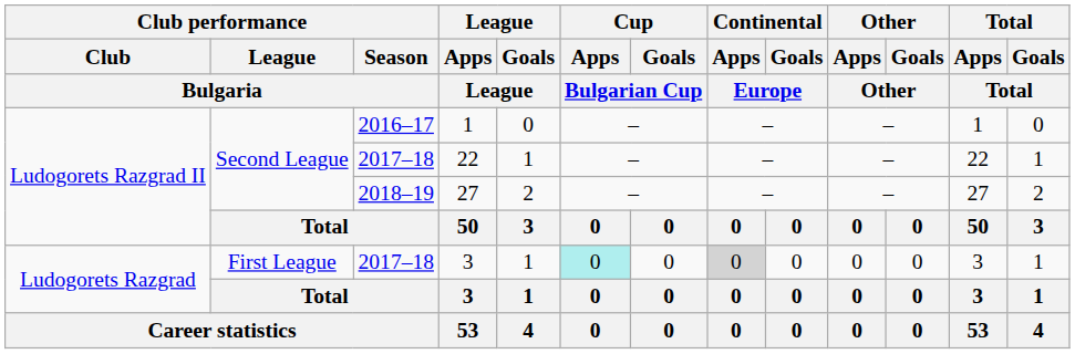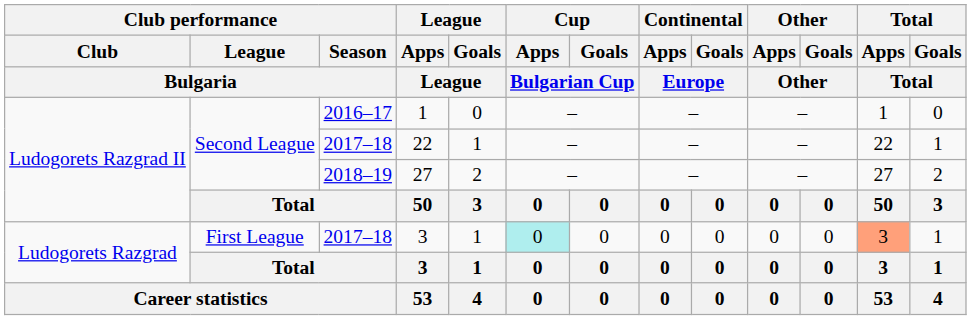 <table class="wikitable" style="text-align: center">
 <tr>
 <th Colspan="3">Club performance</th>
 <th Colspan="2">League</th>
 <th Colspan="2">Cup</th>
 <th Colspan="2">Continental</th>
 <th Colspan="2">Other</th>
 <th Colspan="3">Total</th>
 </tr>
 <tr>
 <th>Club</th>
 <th>League</th>
 <th>Season</th>
 <th>Apps</th>
 <th>Goals</th>
 <th>Apps</th>
 <th>Goals</th>
 <th>Apps</th>
 <th>Goals</th>
 <th>Apps</th>
 <th>Goals</th>
 <th>Apps</th>
 <th>Goals</th>
 </tr>
 <tr>
 <th Colspan="3">Bulgaria</th>
 <th Colspan="2">League</th>
 <th Colspan="2"><a href='#'>Bulgarian Cup</a></th>
 <th Colspan="2"><a href='#'>Europe</a></th>
 <th Colspan="2">Other</th>
 <th Colspan="2">Total</th>
 </tr>
 <tr>
 <td rowspan="4" valign="center"><a href='#'>Ludogorets Razgrad II</a></td>
 <td rowspan="3"><a href='#'>Second League</a></td>
 <td><a href='#'>2016–17</a></td>
 <td>1</td>
 <td>0</td>
 <td colspan="2">–</td>
 <td colspan="2">–</td>
 <td colspan="2">–</td>
 <td>1</td>
 <td>0</td>
 </tr>
 <tr>
 <td><a href='#'>2017–18</a></td>
 <td>22</td>
 <td>1</td>
 <td colspan="2">–</td>
 <td colspan="2">–</td>
 <td colspan="2">–</td>
 <td>22</td>
 <td>1</td>
 </tr>
 <tr>
 <td><a href='#'>2018–19</a></td>
 <td>27</td>
 <td>2</td>
 <td colspan="2">–</td>
 <td colspan="2">–</td>
 <td colspan="2">–</td>
 <td>27</td>
 <td>2</td>
 </tr>
 <tr>
 <th colspan=2>Total</th>
 <th>50</th>
 <th>3</th>
 <th>0</th>
 <th>0</th>
 <th>0</th>
 <th>0</th>
 <th>0</th>
 <th>0</th>
 <th>50</th>
 <th>3</th>
 </tr>
 <tr>
 <td rowspan="2" valign="center"><a href='#'>Ludogorets Razgrad</a></td>
 <td rowspan="1"><a href='#'>First League</a></td>
 <td><a href='#'>2017–18</a></td>
 <td>3</td>
 <td>1</td>
 <td style="background: paleturquoise;">0</td>
 <td>0</td>
-<td style="background: lightgrey;">0</td>
 <td>0</td>
 <td>0</td>
 <td>0</td>
-<td>3</td>
+<td>0</td>
+<td style="background: lightsalmon;">3</td>
 <td>1</td>
 </tr>
 <tr>
 <th colspan=2>Total</th>
 <th>3</th>
 <th>1</th>
 <th>0</th>
 <th>0</th>
 <th>0</th>
 <th>0</th>
 <th>0</th>
 <th>0</th>
 <th>3</th>
 <th>1</th>
 </tr>
 <tr>
 <th colspan="3">Career statistics</th>
 <th>53</th>
 <th>4</th>
 <th>0</th>
 <th>0</th>
 <th>0</th>
 <th>0</th>
 <th>0</th>
 <th>0</th>
 <th>53</th>
 <th>4</th>
 </tr>
 </table>
